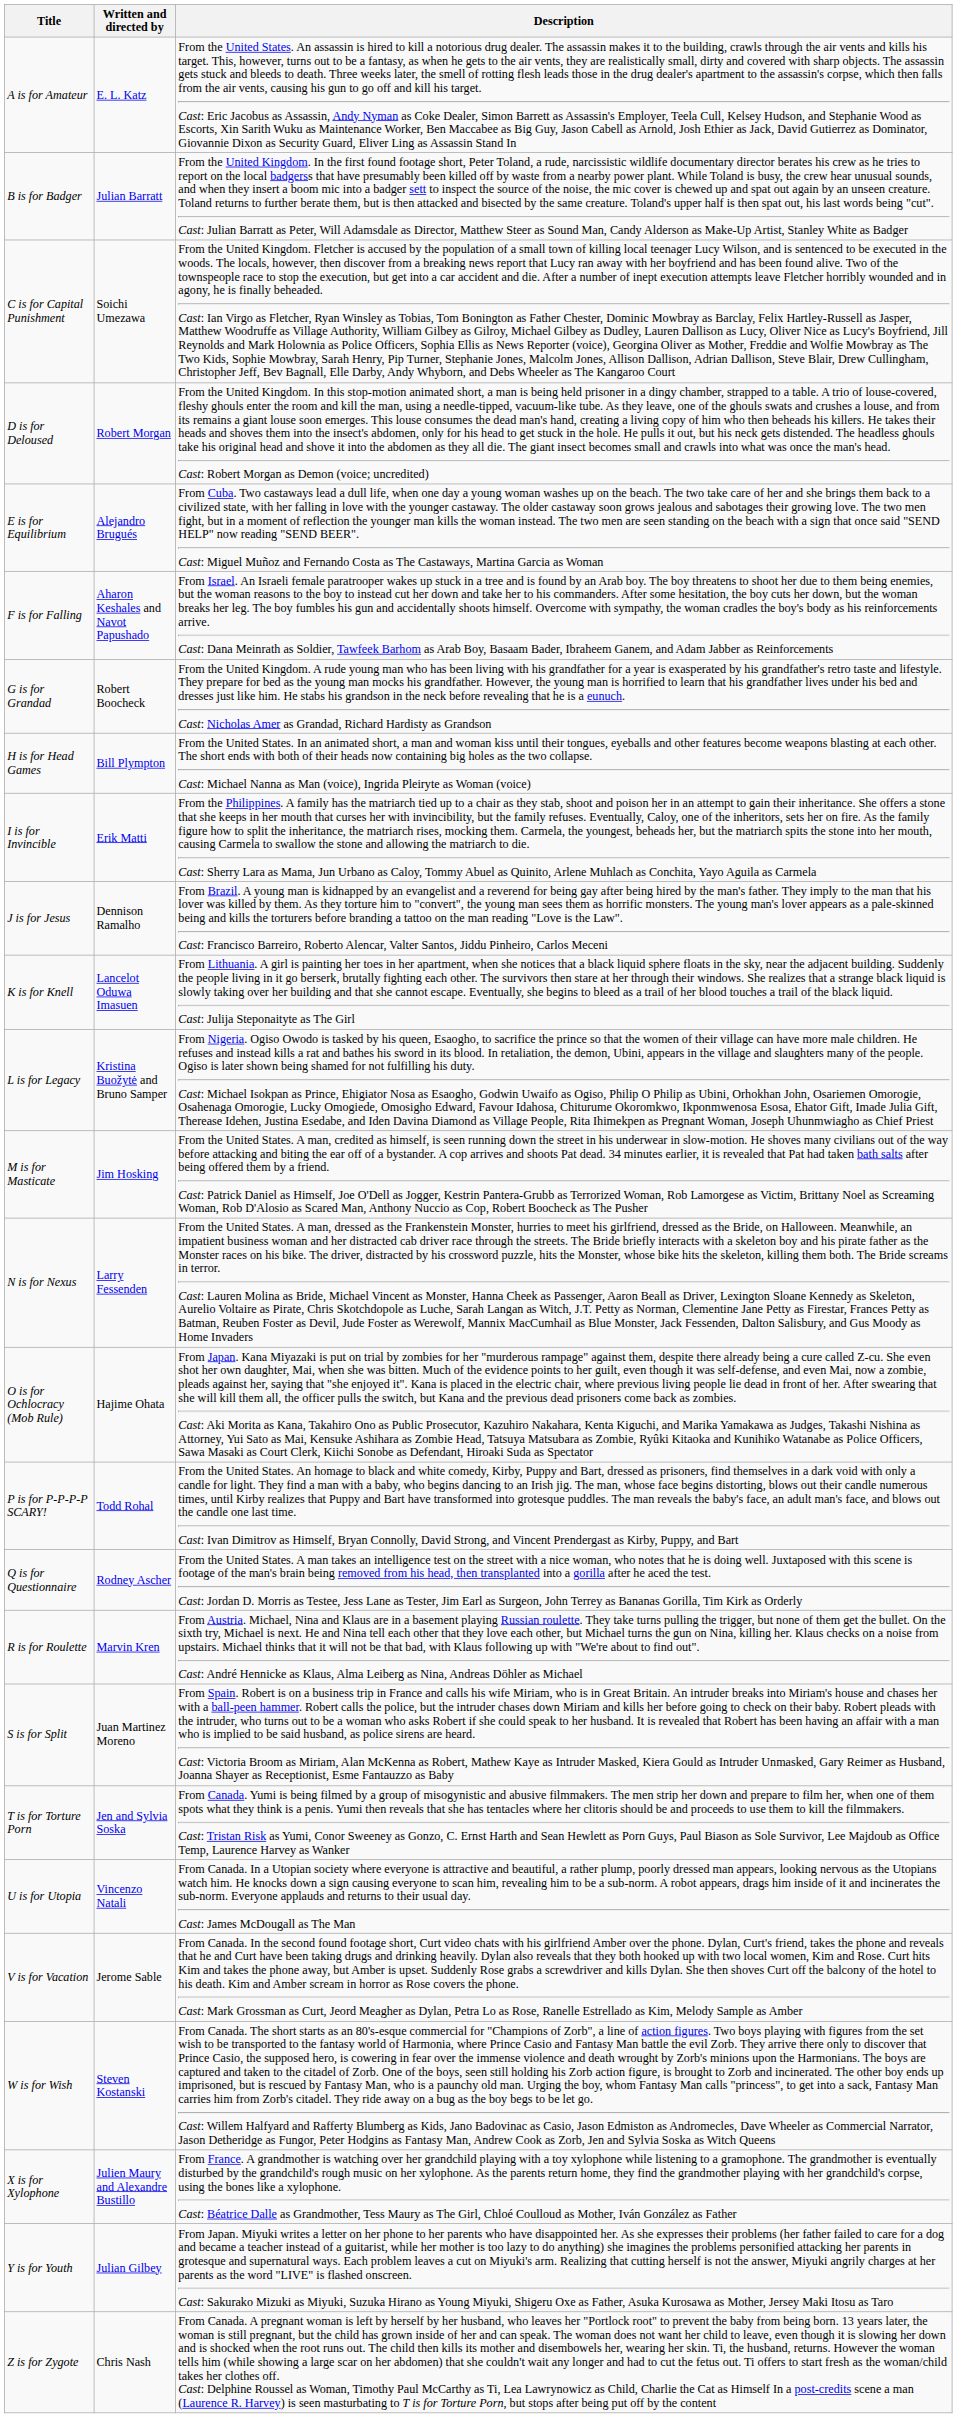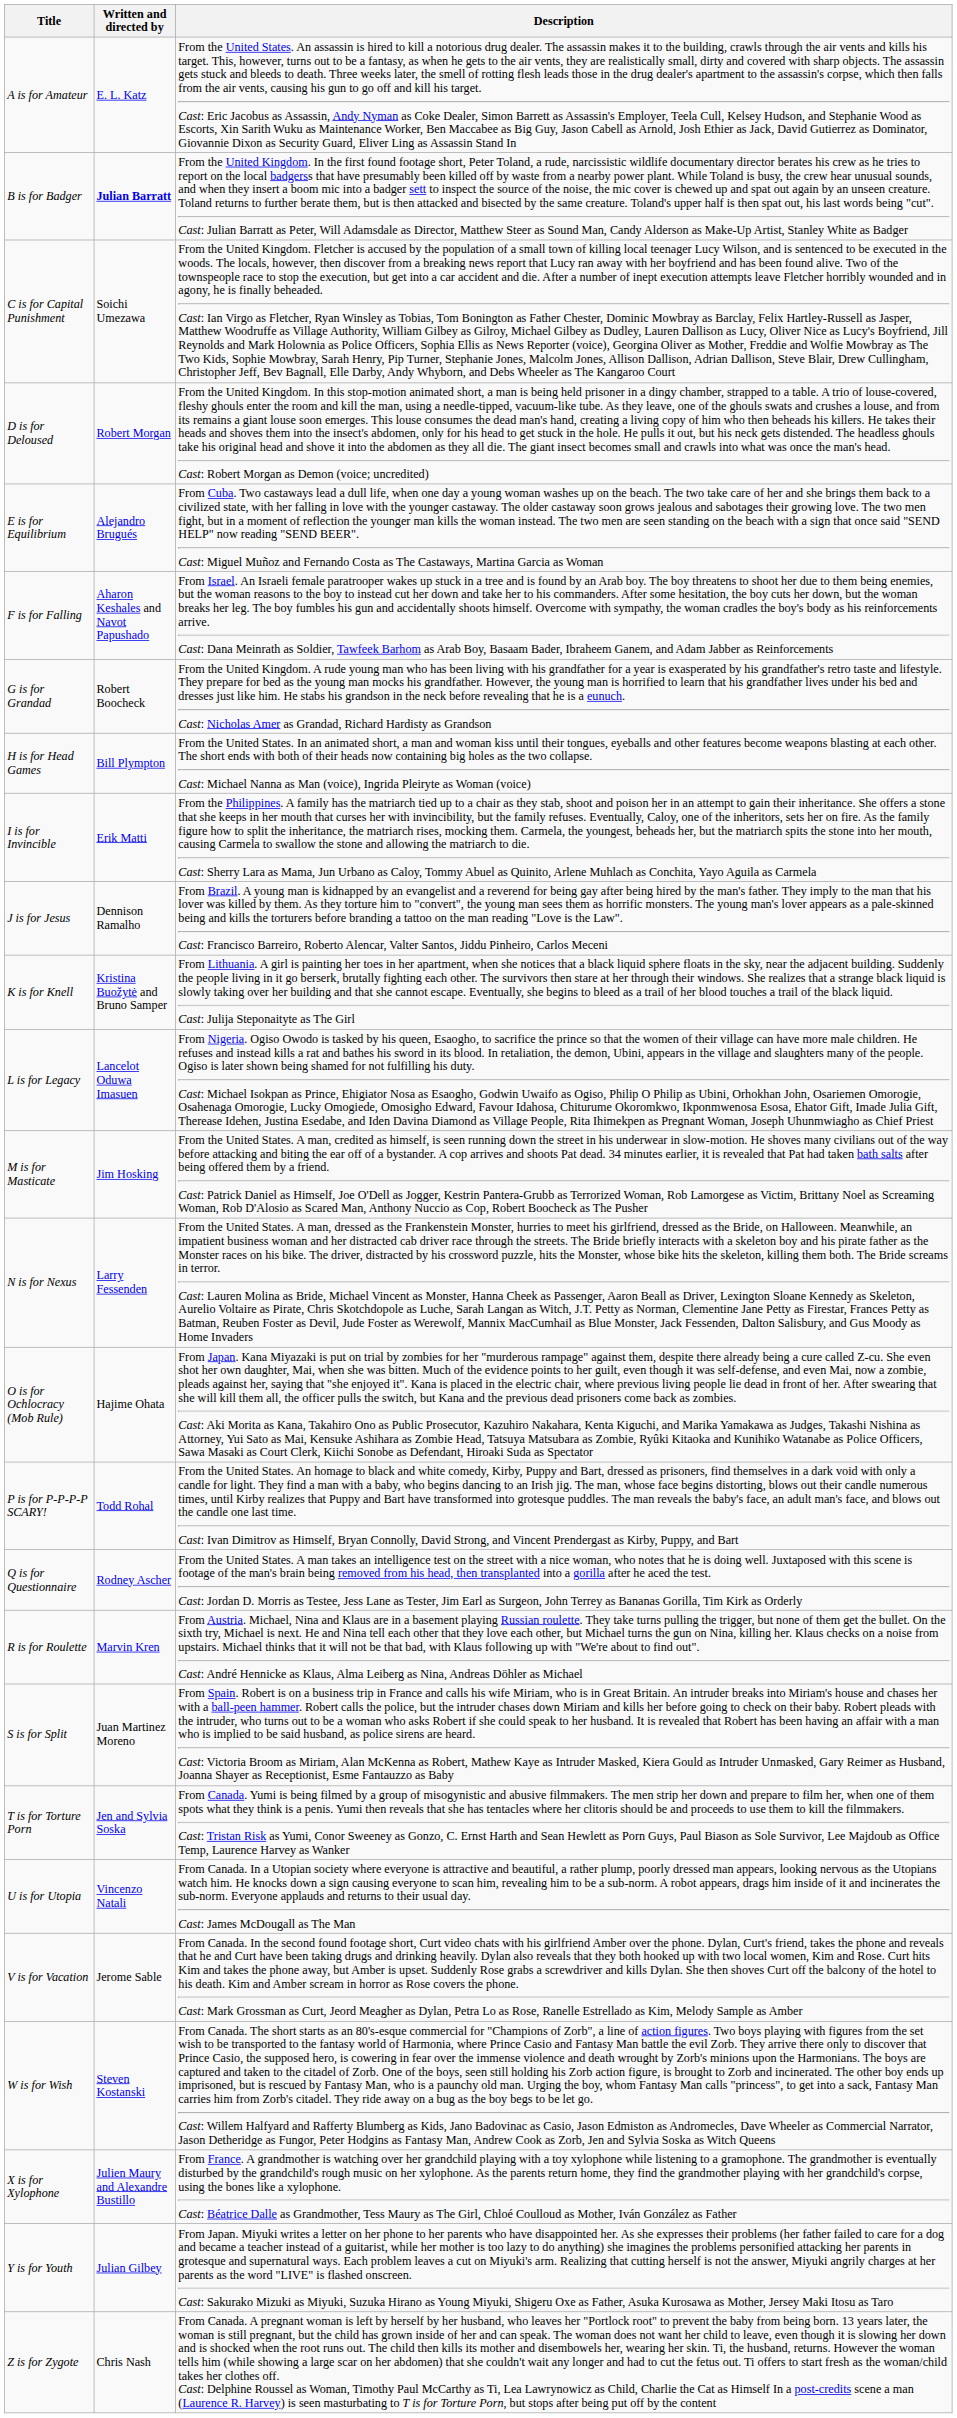 <table class = "wikitable sortable">
 <tr>
 <th>Title</th>
 <th>Written and directed by</th>
 <th>Description</th>
 </tr>
 <tr>
 <td><em>A is for Amateur</em></td>
 <td><a href='#'>E. L. Katz</a></td>
 <td>From the <a href='#'>United States</a>. An assassin is hired to kill a notorious drug dealer. The assassin makes it to the building, crawls through the air vents and kills his target. This, however, turns out to be a fantasy, as when he gets to the air vents, they are realistically small, dirty and covered with sharp objects. The assassin gets stuck and bleeds to death. Three weeks later, the smell of rotting flesh leads those in the drug dealer's apartment to the assassin's corpse, which then falls from the air vents, causing his gun to go off and kill his target.<hr><em>Cast</em>: Eric Jacobus as Assassin, <a href='#'>Andy Nyman</a> as Coke Dealer, Simon Barrett as Assassin's Employer, Teela Cull, Kelsey Hudson, and Stephanie Wood as Escorts, Xin Sarith Wuku as Maintenance Worker, Ben Maccabee as Big Guy, Jason Cabell as Arnold, Josh Ethier as Jack, David Gutierrez as Dominator, Giovannie Dixon as Security Guard, Eliver Ling as Assassin Stand In</td>
 </tr>
 <tr>
 <td><em>B is for Badger</em></td>
-<td><a href='#'>Julian Barratt</a></td>
+<td><strong><a href='#'>Julian Barratt</a></strong></td>
 <td>From the <a href='#'>United Kingdom</a>. In the first found footage short, Peter Toland, a rude, narcissistic wildlife documentary director berates his crew as he tries to report on the local <a href='#'>badgers</a>s that have presumably been killed off by waste from a nearby power plant. While Toland is busy, the crew hear unusual sounds, and when they insert a boom mic into a badger <a href='#'>sett</a> to inspect the source of the noise, the mic cover is chewed up and spat out again by an unseen creature. Toland returns to further berate them, but is then attacked and bisected by the same creature. Toland's upper half is then spat out, his last words being "cut".<hr><em>Cast</em>: Julian Barratt as Peter, Will Adamsdale as Director, Matthew Steer as Sound Man, Candy Alderson as Make-Up Artist, Stanley White as Badger</td>
 </tr>
 <tr>
 <td><em>C is for Capital Punishment</em></td>
 <td>Soichi Umezawa</td>
 <td>From the United Kingdom. Fletcher is accused by the population of a small town of killing local teenager Lucy Wilson, and is sentenced to be executed in the woods. The locals, however, then discover from a breaking news report that Lucy ran away with her boyfriend and has been found alive. Two of the townspeople race to stop the execution, but get into a car accident and die. After a number of inept execution attempts leave Fletcher horribly wounded and in agony, he is finally beheaded.<hr><em>Cast</em>: Ian Virgo as Fletcher, Ryan Winsley as Tobias, Tom Bonington as Father Chester, Dominic Mowbray as Barclay, Felix Hartley-Russell as Jasper, Matthew Woodruffe as Village Authority, William Gilbey as Gilroy, Michael Gilbey as Dudley, Lauren Dallison as Lucy, Oliver Nice as Lucy's Boyfriend, Jill Reynolds and Mark Holownia as Police Officers, Sophia Ellis as News Reporter (voice), Georgina Oliver as Mother, Freddie and Wolfie Mowbray as The Two Kids, Sophie Mowbray, Sarah Henry, Pip Turner, Stephanie Jones, Malcolm Jones, Allison Dallison, Adrian Dallison, Steve Blair, Drew Cullingham, Christopher Jeff, Bev Bagnall, Elle Darby, Andy Whyborn, and Debs Wheeler as The Kangaroo Court</td>
 </tr>
 <tr>
 <td><em>D is for Deloused</em></td>
 <td><a href='#'>Robert Morgan</a></td>
 <td>From the United Kingdom. In this stop-motion animated short, a man is being held prisoner in a dingy chamber, strapped to a table. A trio of louse-covered, fleshy ghouls enter the room and kill the man, using a needle-tipped, vacuum-like tube. As they leave, one of the ghouls swats and crushes a louse, and from its remains a giant louse soon emerges. This louse consumes the dead man's hand, creating a living copy of him who then beheads his killers. He takes their heads and shoves them into the insect's abdomen, only for his head to get stuck in the hole. He pulls it out, but his neck gets distended. The headless ghouls take his original head and shove it into the abdomen as they all die. The giant insect becomes small and crawls into what was once the man's head.<hr><em>Cast</em>: Robert Morgan as Demon (voice; uncredited)</td>
 </tr>
 <tr>
 <td><em>E is for Equilibrium</em></td>
 <td><a href='#'>Alejandro Brugués</a></td>
 <td>From <a href='#'>Cuba</a>. Two castaways lead a dull life, when one day a young woman washes up on the beach. The two take care of her and she brings them back to a civilized state, with her falling in love with the younger castaway. The older castaway soon grows jealous and sabotages their growing love. The two men fight, but in a moment of reflection the younger man kills the woman instead. The two men are seen standing on the beach with a sign that once said "SEND HELP" now reading "SEND BEER".<hr><em>Cast</em>: Miguel Muñoz and Fernando Costa as The Castaways, Martina Garcia as Woman</td>
 </tr>
 <tr>
 <td><em>F is for Falling</em></td>
 <td><a href='#'>Aharon Keshales</a> and <a href='#'>Navot Papushado</a></td>
 <td>From <a href='#'>Israel</a>. An Israeli female paratrooper wakes up stuck in a tree and is found by an Arab boy. The boy threatens to shoot her due to them being enemies, but the woman reasons to the boy to instead cut her down and take her to his commanders. After some hesitation, the boy cuts her down, but the woman breaks her leg. The boy fumbles his gun and accidentally shoots himself. Overcome with sympathy, the woman cradles the boy's body as his reinforcements arrive.<hr><em>Cast</em>: Dana Meinrath as Soldier, <a href='#'>Tawfeek Barhom</a> as Arab Boy, Basaam Bader, Ibraheem Ganem, and Adam Jabber as Reinforcements</td>
 </tr>
 <tr>
 <td><em>G is for Grandad</em></td>
 <td>Robert Boocheck</td>
 <td>From the United Kingdom. A rude young man who has been living with his grandfather for a year is exasperated by his grandfather's retro taste and lifestyle. They prepare for bed as the young man mocks his grandfather. However, the young man is horrified to learn that his grandfather lives under his bed and dresses just like him. He stabs his grandson in the neck before revealing that he is a <a href='#'>eunuch</a>.<hr><em>Cast</em>: <a href='#'>Nicholas Amer</a> as Grandad, Richard Hardisty as Grandson</td>
 </tr>
 <tr>
 <td><em>H is for Head Games</em></td>
 <td><a href='#'>Bill Plympton</a></td>
 <td>From the United States. In an animated short, a man and woman kiss until their tongues, eyeballs and other features become weapons blasting at each other. The short ends with both of their heads now containing big holes as the two collapse.<hr><em>Cast</em>: Michael Nanna as Man (voice), Ingrida Pleiryte as Woman (voice)</td>
 </tr>
 <tr>
 <td><em>I is for Invincible</em></td>
 <td><a href='#'>Erik Matti</a></td>
 <td>From the <a href='#'>Philippines</a>. A family has the matriarch tied up to a chair as they stab, shoot and poison her in an attempt to gain their inheritance. She offers a stone that she keeps in her mouth that curses her with invincibility, but the family refuses. Eventually, Caloy, one of the inheritors, sets her on fire. As the family figure how to split the inheritance, the matriarch rises, mocking them. Carmela, the youngest, beheads her, but the matriarch spits the stone into her mouth, causing Carmela to swallow the stone and allowing the matriarch to die.<hr><em>Cast</em>: Sherry Lara as Mama, Jun Urbano as Caloy, Tommy Abuel as Quinito, Arlene Muhlach as Conchita, Yayo Aguila as Carmela</td>
 </tr>
 <tr>
 <td><em>J is for Jesus</em></td>
 <td>Dennison Ramalho</td>
 <td>From <a href='#'>Brazil</a>. A young man is kidnapped by an evangelist and a reverend for being gay after being hired by the man's father. They imply to the man that his lover was killed by them. As they torture him to "convert", the young man sees them as horrific monsters. The young man's lover appears as a pale-skinned being and kills the torturers before branding a tattoo on the man reading "Love is the Law".<hr><em>Cast</em>: Francisco Barreiro, Roberto Alencar, Valter Santos, Jiddu Pinheiro, Carlos Meceni</td>
 </tr>
 <tr>
 <td><em>K is for Knell</em></td>
-<td><a href='#'>Lancelot Oduwa Imasuen</a></td>
+<td><a href='#'>Kristina Buožytė</a> and Bruno Samper</td>
 <td>From <a href='#'>Lithuania</a>. A girl is painting her toes in her apartment, when she notices that a black liquid sphere floats in the sky, near the adjacent building. Suddenly the people living in it go berserk, brutally fighting each other. The survivors then stare at her through their windows. She realizes that a strange black liquid is slowly taking over her building and that she cannot escape. Eventually, she begins to bleed as a trail of her blood touches a trail of the black liquid.<hr><em>Cast</em>: Julija Steponaityte as The Girl</td>
 </tr>
 <tr>
 <td><em>L is for Legacy</em></td>
-<td><a href='#'>Kristina Buožytė</a> and Bruno Samper</td>
+<td><a href='#'>Lancelot Oduwa Imasuen</a></td>
 <td>From <a href='#'>Nigeria</a>. Ogiso Owodo is tasked by his queen, Esaogho, to sacrifice the prince so that the women of their village can have more male children. He refuses and instead kills a rat and bathes his sword in its blood. In retaliation, the demon, Ubini, appears in the village and slaughters many of the people. Ogiso is later shown being shamed for not fulfilling his duty.<hr><em>Cast</em>: Michael Isokpan as Prince, Ehigiator Nosa as Esaogho, Godwin Uwaifo as Ogiso, Philip O Philip as Ubini, Orhokhan John, Osariemen Omorogie, Osahenaga Omorogie, Lucky Omogiede, Omosigho Edward, Favour Idahosa, Chiturume Okoromkwo, Ikponmwenosa Esosa, Ehator Gift, Imade Julia Gift, Therease Idehen, Justina Esedabe, and Iden Davina Diamond as Village People, Rita Ihimekpen as Pregnant Woman, Joseph Uhunmwiagho as Chief Priest</td>
 </tr>
 <tr>
 <td><em>M is for Masticate</em></td>
 <td><a href='#'>Jim Hosking</a></td>
 <td>From the United States. A man, credited as himself, is seen running down the street in his underwear in slow-motion. He shoves many civilians out of the way before attacking and biting the ear off of a bystander. A cop arrives and shoots Pat dead. 34 minutes earlier, it is revealed that Pat had taken <a href='#'>bath salts</a> after being offered them by a friend.<hr><em>Cast</em>: Patrick Daniel as Himself, Joe O'Dell as Jogger, Kestrin Pantera-Grubb as Terrorized Woman, Rob Lamorgese as Victim, Brittany Noel as Screaming Woman, Rob D'Alosio as Scared Man, Anthony Nuccio as Cop, Robert Boocheck as The Pusher</td>
 </tr>
 <tr>
 <td><em>N is for Nexus</em></td>
 <td><a href='#'>Larry Fessenden</a></td>
 <td>From the United States. A man, dressed as the Frankenstein Monster, hurries to meet his girlfriend, dressed as the Bride, on Halloween. Meanwhile, an impatient business woman and her distracted cab driver race through the streets. The Bride briefly interacts with a skeleton boy and his pirate father as the Monster races on his bike. The driver, distracted by his crossword puzzle, hits the Monster, whose bike hits the skeleton, killing them both. The Bride screams in terror.<hr><em>Cast</em>: Lauren Molina as Bride, Michael Vincent as Monster, Hanna Cheek as Passenger, Aaron Beall as Driver, Lexington Sloane Kennedy as Skeleton, Aurelio Voltaire as Pirate, Chris Skotchdopole as Luche, Sarah Langan as Witch, J.T. Petty as Norman, Clementine Jane Petty as Firestar, Frances Petty as Batman, Reuben Foster as Devil, Jude Foster as Werewolf, Mannix MacCumhail as Blue Monster, Jack Fessenden, Dalton Salisbury, and Gus Moody as Home Invaders</td>
 </tr>
 <tr>
 <td><em>O is for Ochlocracy (Mob Rule)</em></td>
 <td>Hajime Ohata</td>
 <td>From <a href='#'>Japan</a>. Kana Miyazaki is put on trial by zombies for her "murderous rampage" against them, despite there already being a cure called Z-cu. She even shot her own daughter, Mai, when she was bitten. Much of the evidence points to her guilt, even though it was self-defense, and even Mai, now a zombie, pleads against her, saying that "she enjoyed it". Kana is placed in the electric chair, where previous living people lie dead in front of her. After swearing that she will kill them all, the officer pulls the switch, but Kana and the previous dead prisoners come back as zombies.<hr><em>Cast</em>: Aki Morita as Kana, Takahiro Ono as Public Prosecutor, Kazuhiro Nakahara, Kenta Kiguchi, and Marika Yamakawa as Judges, Takashi Nishina as Attorney, Yui Sato as Mai, Kensuke Ashihara as Zombie Head, Tatsuya Matsubara as Zombie, Ryûki Kitaoka and Kunihiko Watanabe as Police Officers, Sawa Masaki as Court Clerk, Kiichi Sonobe as Defendant, Hiroaki Suda as Spectator</td>
 </tr>
 <tr>
 <td><em>P is for P-P-P-P SCARY!</em></td>
 <td><a href='#'>Todd Rohal</a></td>
 <td>From the United States. An homage to black and white comedy, Kirby, Puppy and Bart, dressed as prisoners, find themselves in a dark void with only a candle for light. They find a man with a baby, who begins dancing to an Irish jig. The man, whose face begins distorting, blows out their candle numerous times, until Kirby realizes that Puppy and Bart have transformed into grotesque puddles. The man reveals the baby's face, an adult man's face, and blows out the candle one last time.<hr><em>Cast</em>: Ivan Dimitrov as Himself, Bryan Connolly, David Strong, and Vincent Prendergast as Kirby, Puppy, and Bart</td>
 </tr>
 <tr>
 <td><em>Q is for Questionnaire</em></td>
 <td><a href='#'>Rodney Ascher</a></td>
 <td>From the United States. A man takes an intelligence test on the street with a nice woman, who notes that he is doing well. Juxtaposed with this scene is footage of the man's brain being <a href='#'>removed from his head, then transplanted</a> into a <a href='#'>gorilla</a> after he aced the test.<hr><em>Cast</em>: Jordan D. Morris as Testee, Jess Lane as Tester, Jim Earl as Surgeon, John Terrey as Bananas Gorilla, Tim Kirk as Orderly</td>
 </tr>
 <tr>
 <td><em>R is for Roulette</em></td>
 <td><a href='#'>Marvin Kren</a></td>
 <td>From <a href='#'>Austria</a>. Michael, Nina and Klaus are in a basement playing <a href='#'>Russian roulette</a>. They take turns pulling the trigger, but none of them get the bullet. On the sixth try, Michael is next. He and Nina tell each other that they love each other, but Michael turns the gun on Nina, killing her. Klaus checks on a noise from upstairs. Michael thinks that it will not be that bad, with Klaus following up with "We're about to find out".<hr><em>Cast</em>: André Hennicke as Klaus, Alma Leiberg as Nina, Andreas Döhler as Michael</td>
 </tr>
 <tr>
 <td><em>S is for Split</em></td>
 <td>Juan Martinez Moreno</td>
 <td>From <a href='#'>Spain</a>. Robert is on a business trip in France and calls his wife Miriam, who is in Great Britain. An intruder breaks into Miriam's house and chases her with a <a href='#'>ball-peen hammer</a>. Robert calls the police, but the intruder chases down Miriam and kills her before going to check on their baby. Robert pleads with the intruder, who turns out to be a woman who asks Robert if she could speak to her husband. It is revealed that Robert has been having an affair with a man who is implied to be said husband, as police sirens are heard.<hr><em>Cast</em>: Victoria Broom as Miriam, Alan McKenna as Robert, Mathew Kaye as Intruder Masked, Kiera Gould as Intruder Unmasked, Gary Reimer as Husband, Joanna Shayer as Receptionist, Esme Fantauzzo as Baby</td>
 </tr>
 <tr>
 <td><em>T is for Torture Porn</em></td>
 <td><a href='#'>Jen and Sylvia Soska</a></td>
 <td>From <a href='#'>Canada</a>. Yumi is being filmed by a group of misogynistic and abusive filmmakers. The men strip her down and prepare to film her, when one of them spots what they think is a penis. Yumi then reveals that she has tentacles where her clitoris should be and proceeds to use them to kill the filmmakers.<hr><em>Cast</em>: <a href='#'>Tristan Risk</a> as Yumi, Conor Sweeney as Gonzo, C. Ernst Harth and Sean Hewlett as Porn Guys, Paul Biason as Sole Survivor, Lee Majdoub as Office Temp, Laurence Harvey as Wanker</td>
 </tr>
 <tr>
 <td><em>U is for Utopia</em></td>
 <td><a href='#'>Vincenzo Natali</a></td>
 <td>From Canada. In a Utopian society where everyone is attractive and beautiful, a rather plump, poorly dressed man appears, looking nervous as the Utopians watch him. He knocks down a sign causing everyone to scan him, revealing him to be a sub-norm. A robot appears, drags him inside of it and incinerates the sub-norm. Everyone applauds and returns to their usual day.<hr><em>Cast</em>: James McDougall as The Man</td>
 </tr>
 <tr>
 <td><em>V is for Vacation</em></td>
 <td>Jerome Sable</td>
 <td>From Canada. In the second found footage short, Curt video chats with his girlfriend Amber over the phone. Dylan, Curt's friend, takes the phone and reveals that he and Curt have been taking drugs and drinking heavily. Dylan also reveals that they both hooked up with two local women, Kim and Rose. Curt hits Kim and takes the phone away, but Amber is upset. Suddenly Rose grabs a screwdriver and kills Dylan. She then shoves Curt off the balcony of the hotel to his death. Kim and Amber scream in horror as Rose covers the phone.<hr><em>Cast</em>: Mark Grossman as Curt, Jeord Meagher as Dylan, Petra Lo as Rose, Ranelle Estrellado as Kim, Melody Sample as Amber</td>
 </tr>
 <tr>
 <td><em>W is for Wish</em></td>
 <td><a href='#'>Steven Kostanski</a></td>
 <td>From Canada. The short starts as an 80's-esque commercial for "Champions of Zorb", a line of <a href='#'>action figures</a>. Two boys playing with figures from the set wish to be transported to the fantasy world of Harmonia, where Prince Casio and Fantasy Man battle the evil Zorb.  They arrive there only to discover that Prince Casio, the supposed hero, is cowering in fear over the immense violence and death wrought by Zorb's minions upon the Harmonians. The boys are captured and taken to the citadel of Zorb.  One of the boys, seen still holding his Zorb action figure, is brought to Zorb and incinerated. The other boy ends up imprisoned, but is rescued by Fantasy Man, who is a paunchy old man. Urging the boy, whom Fantasy Man calls "princess", to get into a sack, Fantasy Man carries him from Zorb's citadel.  They ride away on a bug as the boy begs to be let go.<hr><em>Cast</em>: Willem Halfyard and Rafferty Blumberg as Kids, Jano Badovinac as Casio, Jason Edmiston as Andromecles, Dave Wheeler as Commercial Narrator, Jason Detheridge as Fungor, Peter Hodgins as Fantasy Man, Andrew Cook as Zorb, Jen and Sylvia Soska as Witch Queens</td>
 </tr>
 <tr>
 <td><em>X is for Xylophone</em></td>
 <td><a href='#'>Julien Maury and Alexandre Bustillo</a></td>
 <td>From <a href='#'>France</a>. A grandmother is watching over her grandchild playing with a toy xylophone while listening to a gramophone. The grandmother is eventually disturbed by the grandchild's rough music on her xylophone. As the parents return home, they find the grandmother playing with her grandchild's corpse, using the bones like a xylophone.<hr><em>Cast</em>: <a href='#'>Béatrice Dalle</a> as Grandmother, Tess Maury as The Girl, Chloé Coulloud as Mother, Iván González as Father</td>
 </tr>
 <tr>
 <td><em>Y is for Youth</em></td>
 <td><a href='#'>Julian Gilbey</a></td>
 <td>From Japan. Miyuki writes a letter on her phone to her parents who have disappointed her. As she expresses their problems (her father failed to care for a dog and became a teacher instead of a guitarist, while her mother is too lazy to do anything) she imagines the problems personified attacking her parents in grotesque and supernatural ways. Each problem leaves a cut on Miyuki's arm. Realizing that cutting herself is not the answer, Miyuki angrily charges at her parents as the word "LIVE" is flashed onscreen.<hr><em>Cast</em>: Sakurako Mizuki as Miyuki, Suzuka Hirano as Young Miyuki, Shigeru Oxe as Father, Asuka Kurosawa as Mother, Jersey Maki Itosu as Taro</td>
 </tr>
 <tr>
 <td><em>Z is for Zygote</em></td>
 <td>Chris Nash</td>
 <td>From Canada. A pregnant woman is left by herself by her husband, who leaves her "Portlock root" to prevent the baby from being born. 13 years later, the woman is still pregnant, but the child has grown inside of her and can speak. The woman does not want her child to leave, even though it is slowing her down and is shocked when the root runs out. The child then kills its mother and disembowels her, wearing her skin. Ti, the husband, returns. However the woman tells him (while showing a large scar on her abdomen) that she couldn't wait any longer and had to cut the fetus out. Ti offers to start fresh as the woman/child takes her clothes off.<br><em>Cast</em>: Delphine Roussel as Woman, Timothy Paul McCarthy as Ti, Lea Lawrynowicz as Child, Charlie the Cat as Himself In a <a href='#'>post-credits</a> scene a man (<a href='#'>Laurence R. Harvey</a>) is seen masturbating to <em>T is for Torture Porn</em>, but stops after being put off by the content</td>
 </tr>
 </table>
